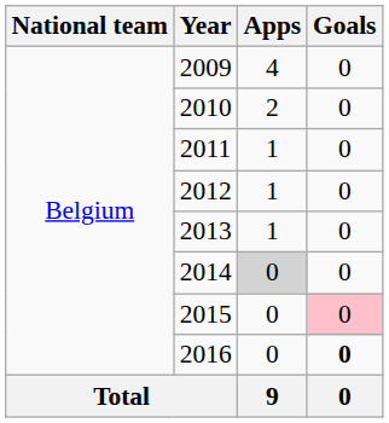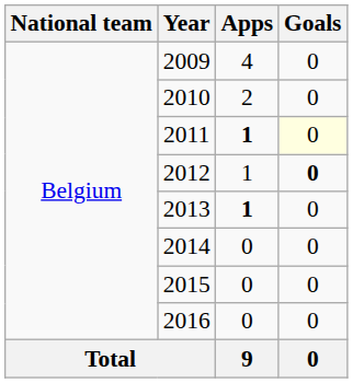 <table class="wikitable" style="text-align: center;">
 <tr>
 <th>National team</th>
 <th>Year</th>
 <th>Apps</th>
 <th>Goals</th>
 </tr>
 <tr>
 <td rowspan="8"><a href='#'>Belgium</a></td>
 <td>2009</td>
 <td>4</td>
 <td>0</td>
 </tr>
 <tr>
 <td>2010</td>
 <td>2</td>
 <td>0</td>
 </tr>
 <tr>
 <td>2011</td>
-<td>1</td>
-<td>0</td>
+<td><strong>1</strong></td>
+<td style="background: lightyellow;">0</td>
 </tr>
 <tr>
 <td>2012</td>
 <td>1</td>
-<td>0</td>
+<td><strong>0</strong></td>
 </tr>
 <tr>
 <td>2013</td>
-<td>1</td>
+<td><strong>1</strong></td>
 <td>0</td>
 </tr>
 <tr>
 <td>2014</td>
-<td style="background: lightgrey;">0</td>
+<td>0</td>
 <td>0</td>
 </tr>
 <tr>
 <td>2015</td>
 <td>0</td>
-<td style="background: pink;">0</td>
+<td>0</td>
 </tr>
 <tr>
 <td>2016</td>
 <td>0</td>
-<td><strong>0</strong></td>
+<td>0</td>
 </tr>
 <tr>
 <th colspan="2">Total</th>
 <th>9</th>
 <th>0</th>
 </tr>
 </table>
